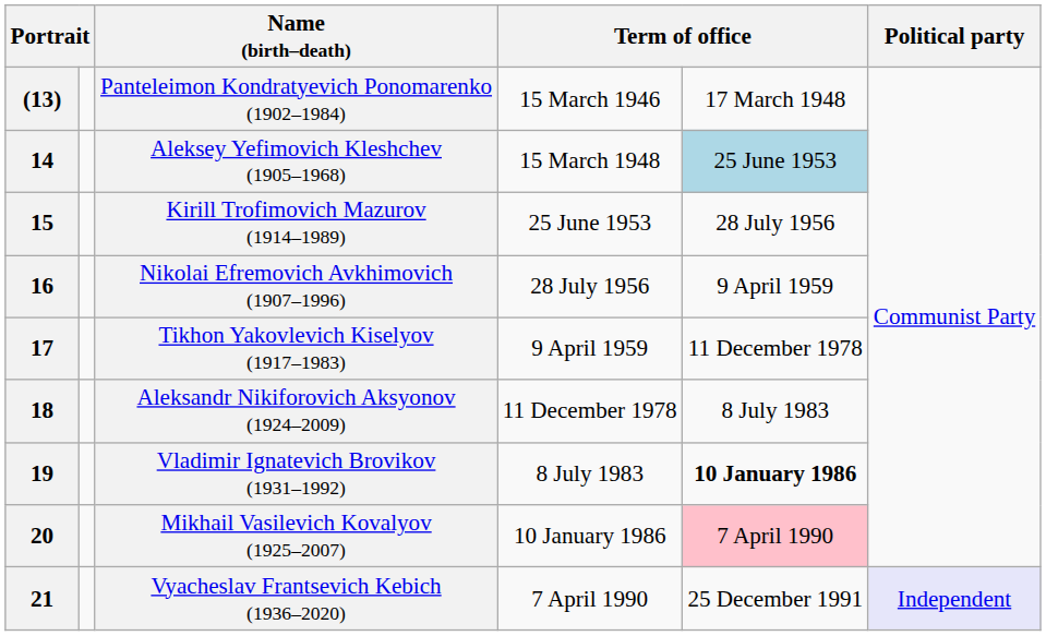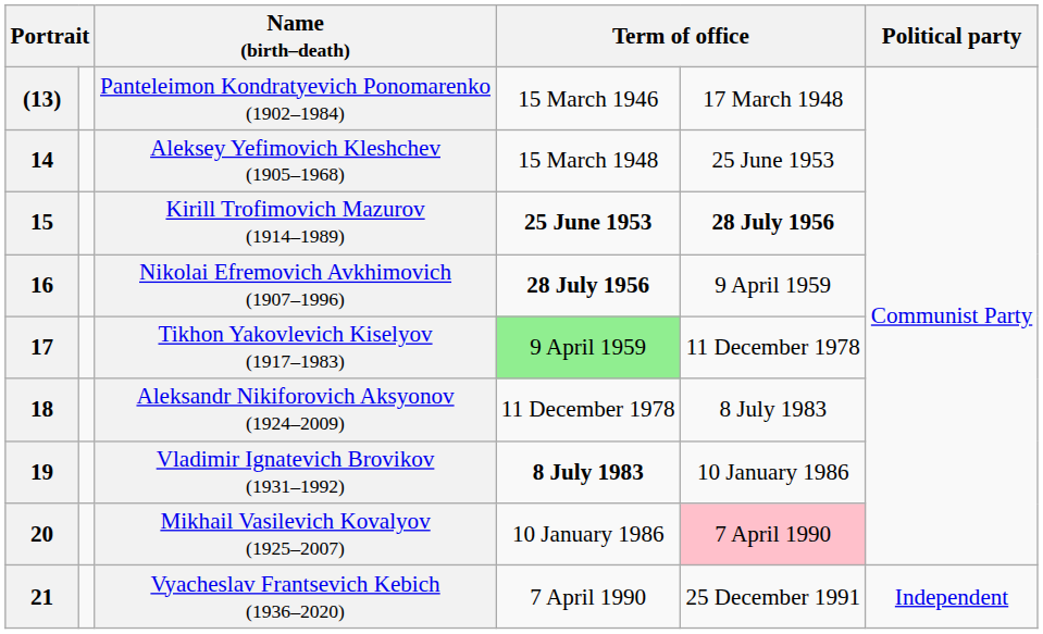 <table class="wikitable" style="text-align:center; margin-left: auto; margin-right: auto; border: none;">
 <tr>
 <th colspan=2>Portrait</th>
 <th>Name<br><small>(birth–death)</small></th>
 <th colspan="2">Term of office</th>
 <th>Political party</th>
 </tr>
 <tr>
 <th style="background:">(13)</th>
 <td></td>
 <th scope="row" style="font-weight:normal;"><a href='#'>Panteleimon Kondratyevich Ponomarenko</a><br><small>(1902–1984)</small></th>
 <td>15 March 1946</td>
 <td>17 March 1948</td>
 <td rowspan="8"><a href='#'>Communist Party</a></td>
 </tr>
 <tr>
 <th style="background:">14</th>
 <td></td>
 <th scope="row" style="font-weight:normal;"><a href='#'>Aleksey Yefimovich Kleshchev</a><br><small>(1905–1968)</small></th>
 <td>15 March 1948</td>
-<td style="background: lightblue;">25 June 1953</td>
+<td>25 June 1953</td>
 </tr>
 <tr>
 <th style="background:">15</th>
 <td></td>
 <th scope="row" style="font-weight:normal;"><a href='#'>Kirill Trofimovich Mazurov</a><br><small>(1914–1989)</small></th>
-<td>25 June 1953</td>
-<td>28 July 1956</td>
+<td><strong>25 June 1953</strong></td>
+<td><strong>28 July 1956</strong></td>
 </tr>
 <tr>
 <th style="background:">16</th>
 <td></td>
 <th scope="row" style="font-weight:normal;"><a href='#'>Nikolai Efremovich Avkhimovich</a><br><small>(1907–1996)</small></th>
-<td>28 July 1956</td>
+<td><strong>28 July 1956</strong></td>
 <td>9 April 1959</td>
 </tr>
 <tr>
 <th style="background:">17</th>
 <td></td>
 <th scope="row" style="font-weight:normal;"><a href='#'>Tikhon Yakovlevich Kiselyov</a><br><small>(1917–1983)</small></th>
-<td>9 April 1959</td>
+<td style="background: lightgreen;">9 April 1959</td>
 <td>11 December 1978</td>
 </tr>
 <tr>
 <th style="background:">18</th>
 <td></td>
 <th scope="row" style="font-weight:normal;"><a href='#'>Aleksandr Nikiforovich Aksyonov</a><br><small>(1924–2009)</small></th>
 <td>11 December 1978</td>
 <td>8 July 1983</td>
 </tr>
 <tr>
 <th style="background:">19</th>
 <td></td>
 <th scope="row" style="font-weight:normal;"><a href='#'>Vladimir Ignatevich Brovikov</a><br><small>(1931–1992)</small></th>
-<td>8 July 1983</td>
-<td><strong>10 January 1986</strong></td>
+<td><strong>8 July 1983</strong></td>
+<td>10 January 1986</td>
 </tr>
 <tr>
 <th style="background:">20</th>
 <td></td>
 <th scope="row" style="font-weight:normal;"><a href='#'>Mikhail Vasilevich Kovalyov</a><br><small>(1925–2007)</small></th>
 <td>10 January 1986</td>
 <td style="background: pink;">7 April 1990</td>
 </tr>
 <tr>
 <th style="text-align:center; background: ">21</th>
 <td></td>
 <th scope="row" style="font-weight:normal;"><a href='#'>Vyacheslav Frantsevich Kebich</a><br><small>(1936–2020)</small></th>
 <td>7 April 1990</td>
 <td>25 December 1991</td>
-<td style="background: lavender;"><a href='#'>Independent</a></td>
+<td><a href='#'>Independent</a></td>
 </tr>
 </table>
